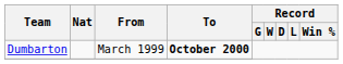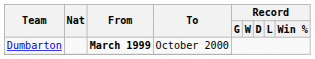 <table class="wikitable" style="text-align: center">
 <tr>
 <th rowspan="2">Team</th>
 <th rowspan="2">Nat</th>
 <th rowspan="2">From</th>
 <th rowspan="2">To</th>
 <th colspan="5">Record</th>
 </tr>
 <tr>
 <th>G</th>
 <th>W</th>
 <th>D</th>
 <th>L</th>
 <th>Win %</th>
 </tr>
 <tr>
 <td align=left><a href='#'>Dumbarton</a></td>
 <td></td>
-<td align=left>March 1999</td>
-<td align=left><strong>October 2000<br></strong></td>
+<td align=left><strong>March 1999</strong></td>
+<td align=left>October 2000<br></td>
 </tr>
 <tr>
 </tr>
 </table>
